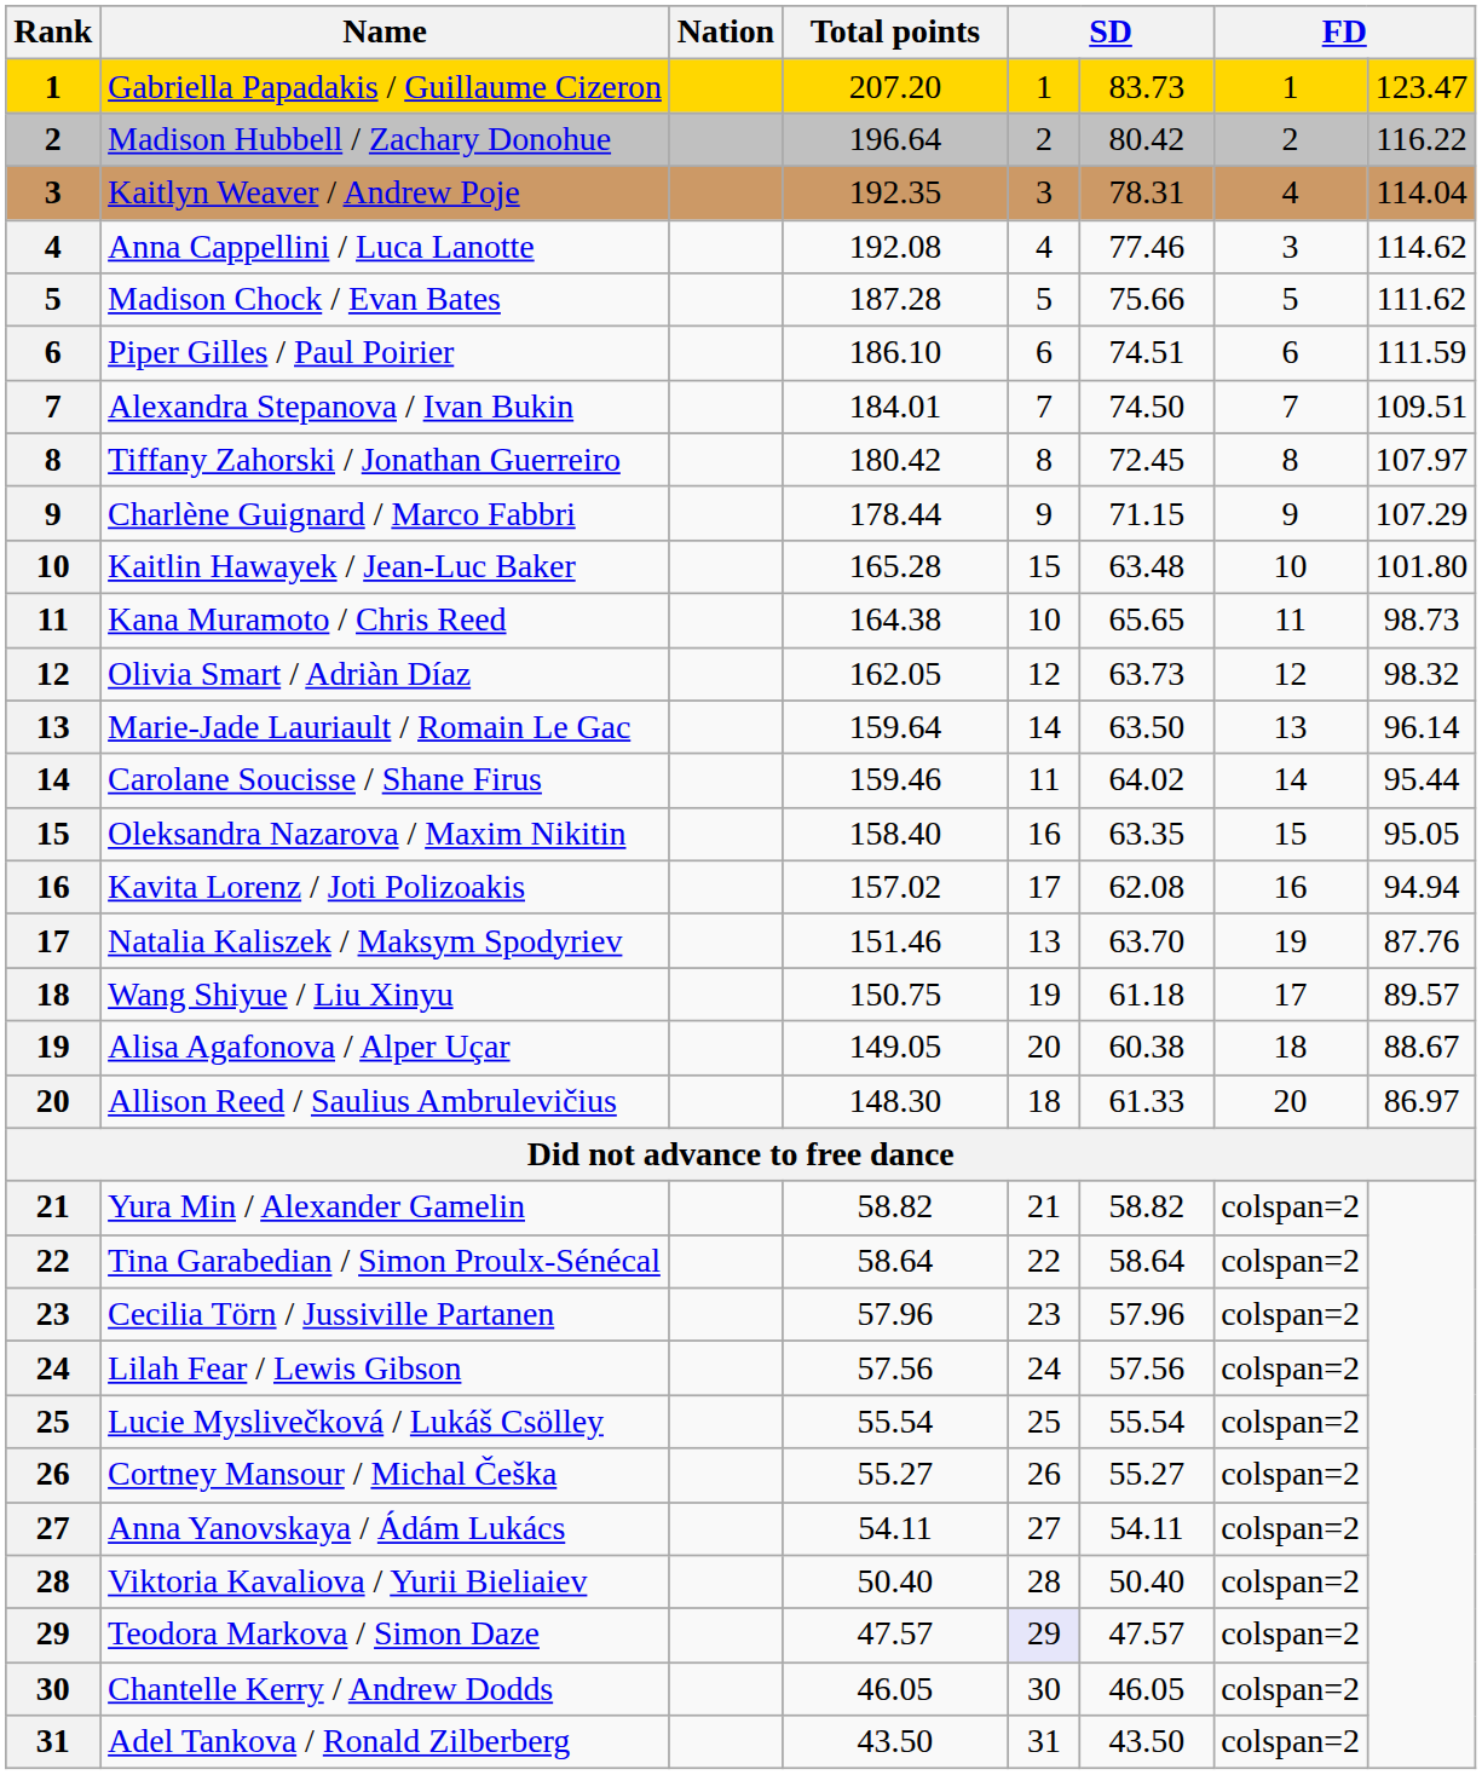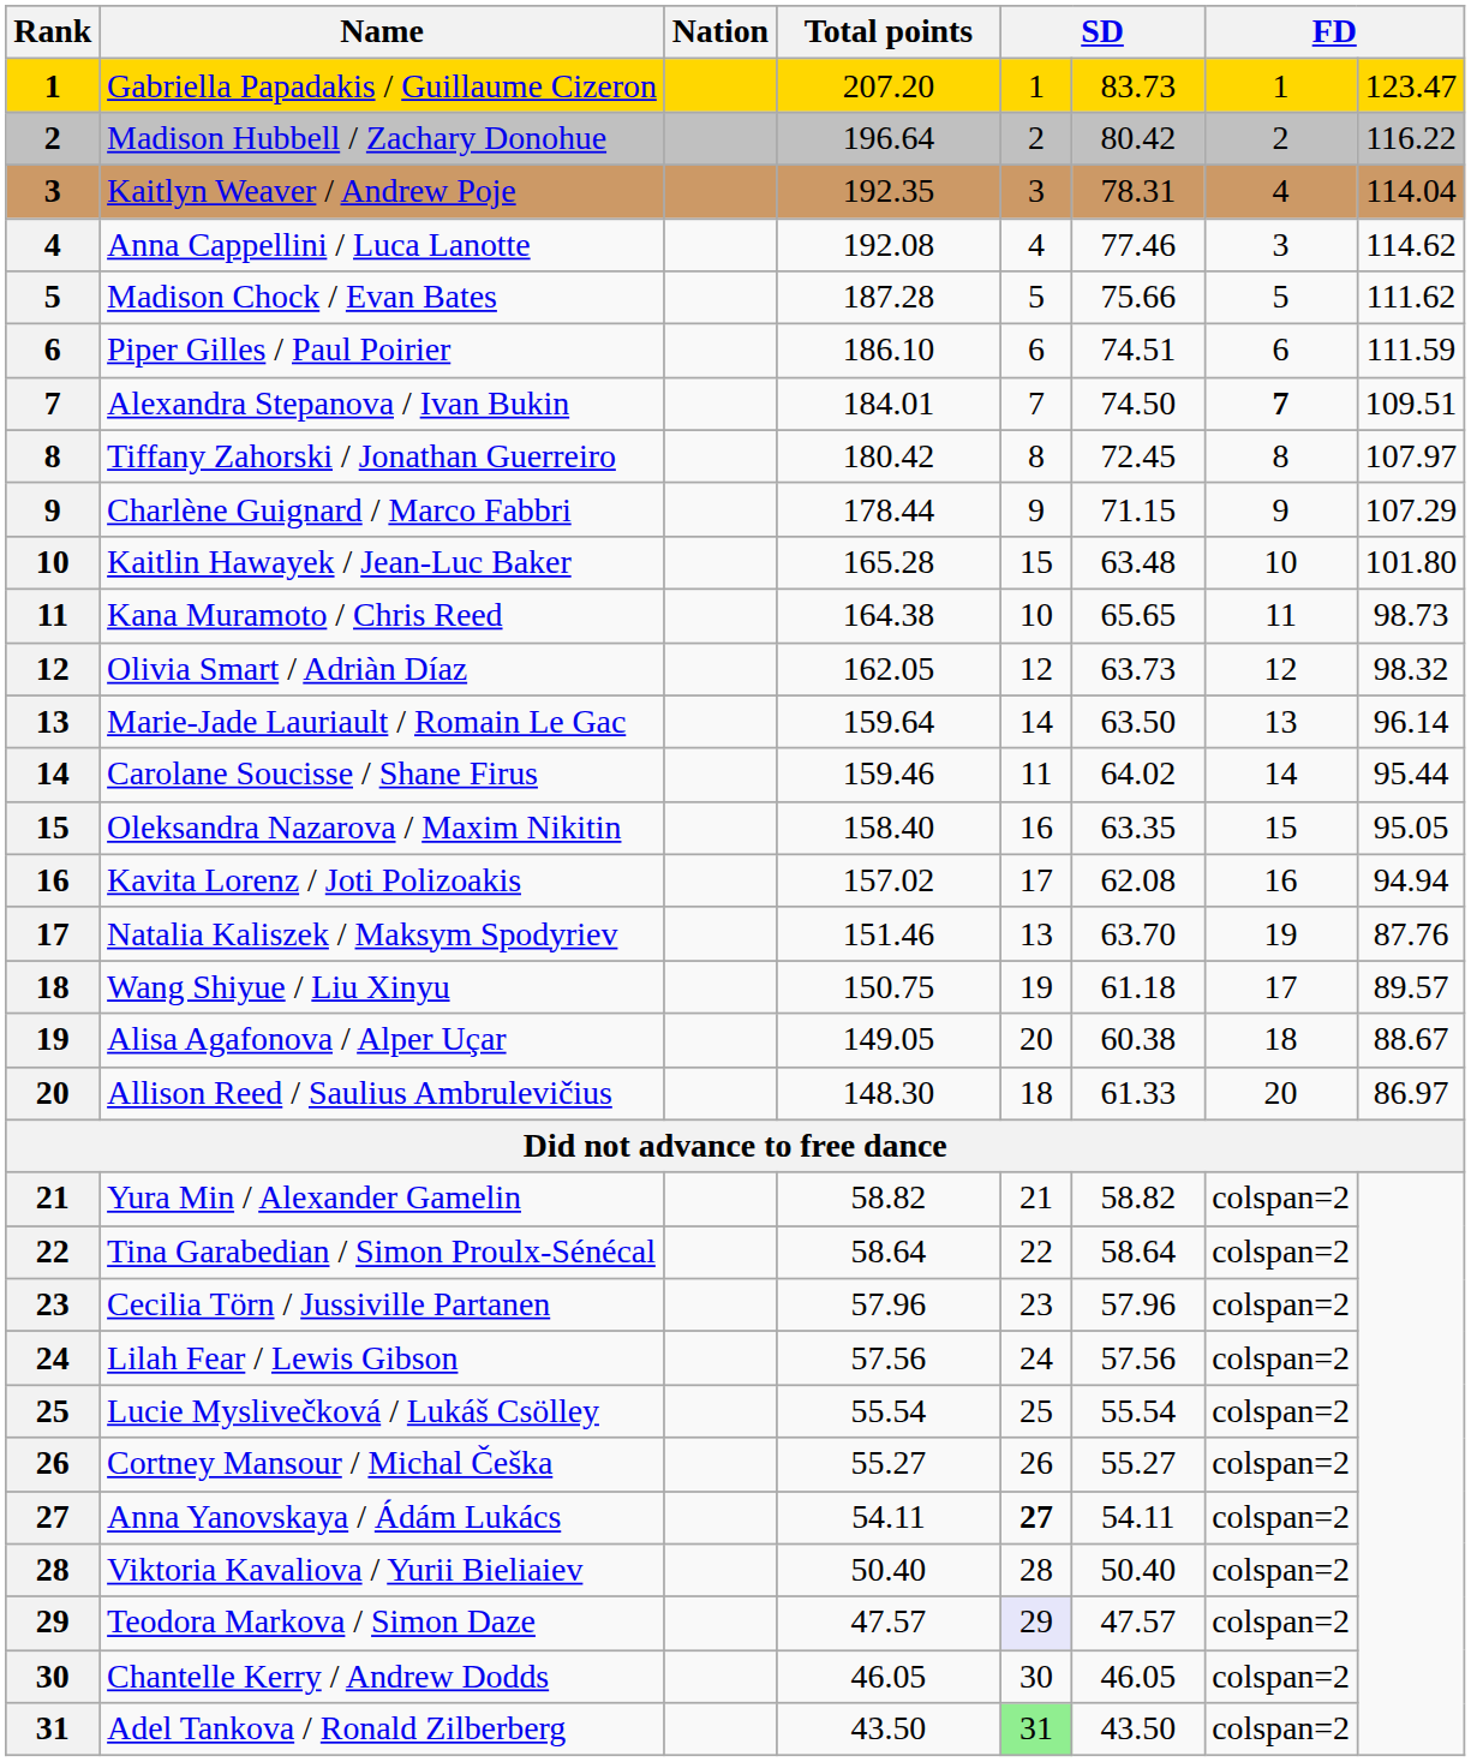 <table class="wikitable sortable">
 <tr>
 <th>Rank</th>
 <th>Name</th>
 <th>Nation</th>
 <th width="100px">Total points</th>
 <th colspan="2" width="90px"><a href='#'>SD</a></th>
 <th colspan="2" width="90px"><a href='#'>FD</a></th>
 </tr>
 <tr bgcolor="gold">
 <td align="center" bgcolor="gold"><strong>1</strong></td>
 <td><a href='#'>Gabriella Papadakis</a> / <a href='#'>Guillaume Cizeron</a></td>
 <td></td>
 <td align="center">207.20</td>
 <td align="center">1</td>
 <td align="center">83.73</td>
 <td align="center">1</td>
 <td align="center">123.47</td>
 </tr>
 <tr bgcolor="silver">
 <td align="center" bgcolor="silver"><strong>2</strong></td>
 <td><a href='#'>Madison Hubbell</a> / <a href='#'>Zachary Donohue</a></td>
 <td></td>
 <td align="center">196.64</td>
 <td align="center">2</td>
 <td align="center">80.42</td>
 <td align="center">2</td>
 <td align="center">116.22</td>
 </tr>
 <tr bgcolor="#cc9966">
 <td align="center" bgcolor="#cc9966"><strong>3</strong></td>
 <td><a href='#'>Kaitlyn Weaver</a> / <a href='#'>Andrew Poje</a></td>
 <td></td>
 <td align="center">192.35</td>
 <td align="center">3</td>
 <td align="center">78.31</td>
 <td align="center">4</td>
 <td align="center">114.04</td>
 </tr>
 <tr>
 <th>4</th>
 <td><a href='#'>Anna Cappellini</a> / <a href='#'>Luca Lanotte</a></td>
 <td></td>
 <td align="center">192.08</td>
 <td align="center">4</td>
 <td align="center">77.46</td>
 <td align="center">3</td>
 <td align="center">114.62</td>
 </tr>
 <tr>
 <th>5</th>
 <td><a href='#'>Madison Chock</a> / <a href='#'>Evan Bates</a></td>
 <td></td>
 <td align="center">187.28</td>
 <td align="center">5</td>
 <td align="center">75.66</td>
 <td align="center">5</td>
 <td align="center">111.62</td>
 </tr>
 <tr>
 <th>6</th>
 <td><a href='#'>Piper Gilles</a> / <a href='#'>Paul Poirier</a></td>
 <td></td>
 <td align="center">186.10</td>
 <td align="center">6</td>
 <td align="center">74.51</td>
 <td align="center">6</td>
 <td align="center">111.59</td>
 </tr>
 <tr>
 <th>7</th>
 <td><a href='#'>Alexandra Stepanova</a> / <a href='#'>Ivan Bukin</a></td>
 <td></td>
 <td align="center">184.01</td>
 <td align="center">7</td>
 <td align="center">74.50</td>
-<td align="center">7</td>
+<td align="center"><strong>7</strong></td>
 <td align="center">109.51</td>
 </tr>
 <tr>
 <th>8</th>
 <td><a href='#'>Tiffany Zahorski</a> / <a href='#'>Jonathan Guerreiro</a></td>
 <td></td>
 <td align="center">180.42</td>
 <td align="center">8</td>
 <td align="center">72.45</td>
 <td align="center">8</td>
 <td align="center">107.97</td>
 </tr>
 <tr>
 <th>9</th>
 <td><a href='#'>Charlène Guignard</a> / <a href='#'>Marco Fabbri</a></td>
 <td></td>
 <td align="center">178.44</td>
 <td align="center">9</td>
 <td align="center">71.15</td>
 <td align="center">9</td>
 <td align="center">107.29</td>
 </tr>
 <tr>
 <th>10</th>
 <td><a href='#'>Kaitlin Hawayek</a> / <a href='#'>Jean-Luc Baker</a></td>
 <td></td>
 <td align="center">165.28</td>
 <td align="center">15</td>
 <td align="center">63.48</td>
 <td align="center">10</td>
 <td align="center">101.80</td>
 </tr>
 <tr>
 <th>11</th>
 <td><a href='#'>Kana Muramoto</a> / <a href='#'>Chris Reed</a></td>
 <td></td>
 <td align="center">164.38</td>
 <td align="center">10</td>
 <td align="center">65.65</td>
 <td align="center">11</td>
 <td align="center">98.73</td>
 </tr>
 <tr>
 <th>12</th>
 <td><a href='#'>Olivia Smart</a> / <a href='#'>Adriàn Díaz</a></td>
 <td></td>
 <td align="center">162.05</td>
 <td align="center">12</td>
 <td align="center">63.73</td>
 <td align="center">12</td>
 <td align="center">98.32</td>
 </tr>
 <tr>
 <th>13</th>
 <td><a href='#'>Marie-Jade Lauriault</a> / <a href='#'>Romain Le Gac</a></td>
 <td></td>
 <td align="center">159.64</td>
 <td align="center">14</td>
 <td align="center">63.50</td>
 <td align="center">13</td>
 <td align="center">96.14</td>
 </tr>
 <tr>
 <th>14</th>
 <td><a href='#'>Carolane Soucisse</a> / <a href='#'>Shane Firus</a></td>
 <td></td>
 <td align="center">159.46</td>
 <td align="center">11</td>
 <td align="center">64.02</td>
 <td align="center">14</td>
 <td align="center">95.44</td>
 </tr>
 <tr>
 <th>15</th>
 <td><a href='#'>Oleksandra Nazarova</a> / <a href='#'>Maxim Nikitin</a></td>
 <td></td>
 <td align="center">158.40</td>
 <td align="center">16</td>
 <td align="center">63.35</td>
 <td align="center">15</td>
 <td align="center">95.05</td>
 </tr>
 <tr>
 <th>16</th>
 <td><a href='#'>Kavita Lorenz</a> / <a href='#'>Joti Polizoakis</a></td>
 <td></td>
 <td align="center">157.02</td>
 <td align="center">17</td>
 <td align="center">62.08</td>
 <td align="center">16</td>
 <td align="center">94.94</td>
 </tr>
 <tr>
 <th>17</th>
 <td><a href='#'>Natalia Kaliszek</a> / <a href='#'>Maksym Spodyriev</a></td>
 <td></td>
 <td align="center">151.46</td>
 <td align="center">13</td>
 <td align="center">63.70</td>
 <td align="center">19</td>
 <td align="center">87.76</td>
 </tr>
 <tr>
 <th>18</th>
 <td><a href='#'>Wang Shiyue</a> / <a href='#'>Liu Xinyu</a></td>
 <td></td>
 <td align="center">150.75</td>
 <td align="center">19</td>
 <td align="center">61.18</td>
 <td align="center">17</td>
 <td align="center">89.57</td>
 </tr>
 <tr>
 <th>19</th>
 <td><a href='#'>Alisa Agafonova</a> / <a href='#'>Alper Uçar</a></td>
 <td></td>
 <td align="center">149.05</td>
 <td align="center">20</td>
 <td align="center">60.38</td>
 <td align="center">18</td>
 <td align="center">88.67</td>
 </tr>
 <tr>
 <th>20</th>
 <td><a href='#'>Allison Reed</a> / <a href='#'>Saulius Ambrulevičius</a></td>
 <td></td>
 <td align="center">148.30</td>
 <td align="center">18</td>
 <td align="center">61.33</td>
 <td align="center">20</td>
 <td align="center">86.97</td>
 </tr>
 <tr>
 <th colspan=8>Did not advance to free dance</th>
 </tr>
 <tr>
 <th>21</th>
 <td><a href='#'>Yura Min</a> / <a href='#'>Alexander Gamelin</a></td>
 <td></td>
 <td align="center">58.82</td>
 <td align="center">21</td>
 <td align="center">58.82</td>
 <td>colspan=2 </td>
 </tr>
 <tr>
 <th>22</th>
 <td><a href='#'>Tina Garabedian</a> / <a href='#'>Simon Proulx-Sénécal</a></td>
 <td></td>
 <td align="center">58.64</td>
 <td align="center">22</td>
 <td align="center">58.64</td>
 <td>colspan=2 </td>
 </tr>
 <tr>
 <th>23</th>
 <td><a href='#'>Cecilia Törn</a> / <a href='#'>Jussiville Partanen</a></td>
 <td></td>
 <td align="center">57.96</td>
 <td align="center">23</td>
 <td align="center">57.96</td>
 <td>colspan=2 </td>
 </tr>
 <tr>
 <th>24</th>
 <td><a href='#'>Lilah Fear</a> / <a href='#'>Lewis Gibson</a></td>
 <td></td>
 <td align="center">57.56</td>
 <td align="center">24</td>
 <td align="center">57.56</td>
 <td>colspan=2 </td>
 </tr>
 <tr>
 <th>25</th>
 <td><a href='#'>Lucie Myslivečková</a> / <a href='#'>Lukáš Csölley</a></td>
 <td></td>
 <td align="center">55.54</td>
 <td align="center">25</td>
 <td align="center">55.54</td>
 <td>colspan=2 </td>
 </tr>
 <tr>
 <th>26</th>
 <td><a href='#'>Cortney Mansour</a> / <a href='#'>Michal Češka</a></td>
 <td></td>
 <td align="center">55.27</td>
 <td align="center">26</td>
 <td align="center">55.27</td>
 <td>colspan=2 </td>
 </tr>
 <tr>
 <th>27</th>
 <td><a href='#'>Anna Yanovskaya</a> / <a href='#'>Ádám Lukács</a></td>
 <td></td>
 <td align="center">54.11</td>
-<td align="center">27</td>
+<td align="center"><strong>27</strong></td>
 <td align="center">54.11</td>
 <td>colspan=2 </td>
 </tr>
 <tr>
 <th>28</th>
 <td><a href='#'>Viktoria Kavaliova</a> / <a href='#'>Yurii Bieliaiev</a></td>
 <td></td>
 <td align="center">50.40</td>
 <td align="center">28</td>
 <td align="center">50.40</td>
 <td>colspan=2 </td>
 </tr>
 <tr>
 <th>29</th>
 <td><a href='#'>Teodora Markova</a> / <a href='#'>Simon Daze</a></td>
 <td></td>
 <td align="center">47.57</td>
 <td align="center" style="background: lavender;">29</td>
 <td align="center">47.57</td>
 <td>colspan=2 </td>
 </tr>
 <tr>
 <th>30</th>
 <td><a href='#'>Chantelle Kerry</a> / <a href='#'>Andrew Dodds</a></td>
 <td></td>
 <td align="center">46.05</td>
 <td align="center">30</td>
 <td align="center">46.05</td>
 <td>colspan=2 </td>
 </tr>
 <tr>
 <th>31</th>
 <td><a href='#'>Adel Tankova</a> / <a href='#'>Ronald Zilberberg</a></td>
 <td></td>
 <td align="center">43.50</td>
-<td align="center">31</td>
+<td align="center" style="background: lightgreen;">31</td>
 <td align="center">43.50</td>
 <td>colspan=2 </td>
 </tr>
 </table>
